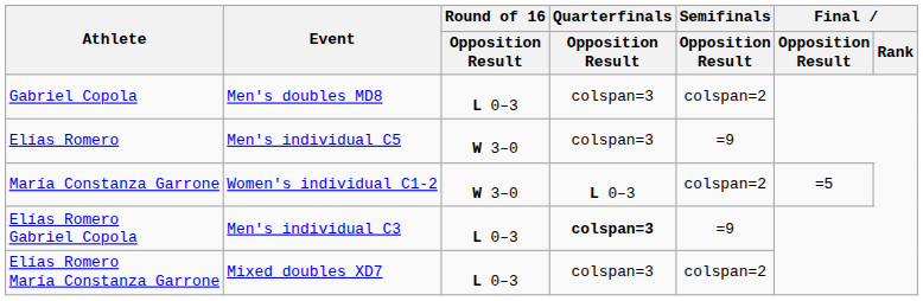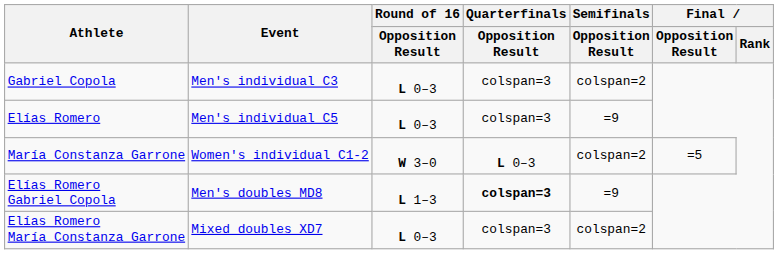 <table class=wikitable style="font-size:90%">
 <tr align=center>
 <th rowspan="2">Athlete</th>
 <th rowspan="2">Event</th>
 <th>Round of 16</th>
 <th>Quarterfinals</th>
 <th>Semifinals</th>
 <th colspan="2">Final / </th>
 </tr>
 <tr>
 <th>Opposition<br>Result</th>
 <th>Opposition<br>Result</th>
 <th>Opposition<br>Result</th>
 <th>Opposition<br>Result</th>
 <th>Rank</th>
 </tr>
 <tr align=center>
 <td align=left><a href='#'>Gabriel Copola</a></td>
-<td align=left><a href='#'>Men's doubles MD8</a></td>
+<td align=left><a href='#'>Men's individual C3</a></td>
 <td><br><strong>L</strong> 0–3</td>
 <td>colspan=3 </td>
 <td>colspan=2 </td>
 </tr>
 <tr align=center>
 <td align=left><a href='#'>Elías Romero</a></td>
 <td align=left><a href='#'>Men's individual C5</a></td>
-<td><br><strong>W</strong> 3–0</td>
+<td><br><strong>L</strong> 0–3</td>
 <td>colspan=3 </td>
 <td>=9</td>
 </tr>
 <tr align=center>
 <td align=left><a href='#'>María Constanza Garrone</a></td>
 <td align=left><a href='#'>Women's individual C1-2</a></td>
 <td><br><strong>W</strong> 3–0</td>
 <td><br><strong>L</strong> 0–3</td>
 <td>colspan=2 </td>
 <td>=5</td>
 </tr>
 <tr align=center>
 <td align=left><a href='#'>Elías Romero</a><br><a href='#'>Gabriel Copola</a></td>
-<td align=left><a href='#'>Men's individual C3</a></td>
-<td><br><strong>L</strong> 0–3</td>
+<td align=left><a href='#'>Men's doubles MD8</a></td>
+<td><br><strong>L</strong> 1–3</td>
 <td><strong>colspan=3 </strong></td>
 <td>=9</td>
 </tr>
 <tr align=center>
 <td align=left><a href='#'>Elías Romero</a><br><a href='#'>María Constanza Garrone</a></td>
 <td align=left><a href='#'>Mixed doubles XD7</a></td>
 <td><br><strong>L</strong> 0–3</td>
 <td>colspan=3 </td>
 <td>colspan=2 </td>
 </tr>
 </table>
